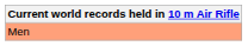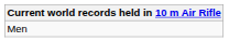 <table class="wikitable" style="font-size: 95%">
 <tr>
 <th colspan=9>Current world records held in <a href='#'>10 m Air Rifle</a></th>
 </tr>
 <tr>
-<td style="background: lightsalmon;">Men<br></td>
+<td>Men<br></td>
 </tr>
 </table>
